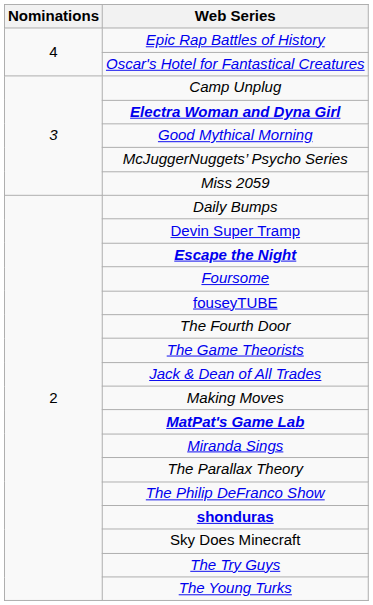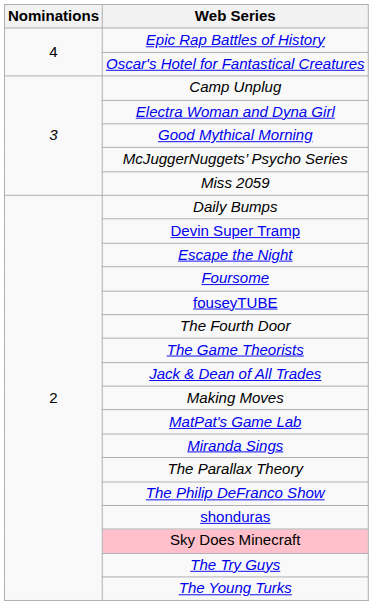 <table class="wikitable plainrowheaders" style="text-align:center;">
 <tr>
 <th scope="col" style="width:55px;">Nominations</th>
 <th scope="col" style="text-align:center;">Web Series</th>
 </tr>
 <tr>
 <td rowspan="2">4</td>
 <td><em><a href='#'>Epic Rap Battles of History</a></em></td>
 </tr>
 <tr>
 <td><em><a href='#'>Oscar's Hotel for Fantastical Creatures</a></em></td>
 </tr>
 <tr>
 <td rowspan="5"><em>3</em></td>
 <td><em>Camp Unplug</em></td>
 </tr>
 <tr>
-<td><strong><em><a href='#'>Electra Woman and Dyna Girl</a></em></strong></td>
+<td><em><a href='#'>Electra Woman and Dyna Girl</a></em></td>
 </tr>
 <tr>
 <td><em><a href='#'>Good Mythical Morning</a></em></td>
 </tr>
 <tr>
 <td><em>McJuggerNuggets’ Psycho Series</em></td>
 </tr>
 <tr>
 <td><em>Miss 2059</em></td>
 </tr>
 <tr>
 <td rowspan="17">2</td>
 <td><em>Daily Bumps</em></td>
 </tr>
 <tr>
 <td><a href='#'>Devin Super Tramp</a></td>
 </tr>
 <tr>
-<td><strong><em><a href='#'>Escape the Night</a></em></strong></td>
+<td><em><a href='#'>Escape the Night</a></em></td>
 </tr>
 <tr>
 <td><em><a href='#'>Foursome</a></em></td>
 </tr>
 <tr>
 <td><a href='#'>fouseyTUBE</a></td>
 </tr>
 <tr>
 <td><em>The Fourth Door</em></td>
 </tr>
 <tr>
 <td><em><a href='#'>The Game Theorists</a></em></td>
 </tr>
 <tr>
 <td><em><a href='#'>Jack & Dean of All Trades</a></em></td>
 </tr>
 <tr>
 <td><em>Making Moves</em></td>
 </tr>
 <tr>
-<td><strong><em><a href='#'>MatPat's Game Lab</a></em></strong></td>
+<td><em><a href='#'>MatPat's Game Lab</a></em></td>
 </tr>
 <tr>
 <td><em><a href='#'>Miranda Sings</a></em></td>
 </tr>
 <tr>
 <td><em>The Parallax Theory</em></td>
 </tr>
 <tr>
 <td><em><a href='#'>The Philip DeFranco Show</a></em></td>
 </tr>
 <tr>
-<td><strong><a href='#'>shonduras</a></strong></td>
+<td><a href='#'>shonduras</a></td>
 </tr>
 <tr>
-<td>Sky Does Minecraft</td>
+<td style="background: pink;">Sky Does Minecraft</td>
 </tr>
 <tr>
 <td><em><a href='#'>The Try Guys</a></em></td>
 </tr>
 <tr>
 <td><em><a href='#'>The Young Turks</a></em></td>
 </tr>
 </table>
